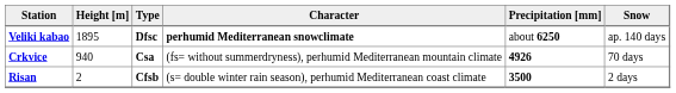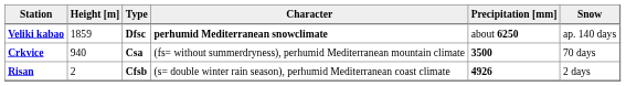 <table border=1 cellpadding=4 cellspacing=0 class="toccolours" style="align: left; margin: 0.5em 0 0 0; border-style: solid; border: 1px solid #7f7f7f; border-right-width: 2px; border-bottom-width: 2px; border-collapse: collapse; font-size: 95%;">
 <tr>
 <th style="background: #efefef; border-bottom: 2px solid gray;">Station</th>
 <th style="background: #efefef; border-bottom: 2px solid gray;">Height [m]</th>
 <th style="background: #efefef; border-bottom: 2px solid gray;">Type</th>
 <th style="background: #efefef; border-bottom: 2px solid gray;">Character</th>
 <th style="background: #efefef; border-bottom: 2px solid gray;">Precipitation [mm]</th>
 <th style="background: #efefef; border-bottom: 2px solid gray;">Snow</th>
 </tr>
 <tr>
 <td><strong><a href='#'>Veliki kabao</a></strong></td>
-<td>1895</td>
+<td>1859</td>
 <td><strong>Dfsc</strong></td>
 <td><strong>perhumid Mediterranean snowclimate</strong></td>
 <td>about <strong>6250</strong></td>
 <td>ap. 140 days</td>
 </tr>
 <tr>
 <td><strong><a href='#'>Crkvice</a></strong></td>
 <td>940</td>
 <td><strong>Csa</strong></td>
 <td>(fs= without summerdryness), perhumid Mediterranean mountain climate</td>
-<td><strong>4926</strong></td>
+<td><strong>3500</strong></td>
 <td>70 days</td>
 </tr>
 <tr>
 <td><strong><a href='#'>Risan</a></strong></td>
 <td>2</td>
 <td><strong>Cfsb</strong></td>
 <td>(s= double winter rain season), perhumid Mediterranean coast climate</td>
-<td><strong>3500</strong></td>
+<td><strong>4926</strong></td>
 <td>2 days</td>
 </tr>
 <tr>
 </tr>
 </table>
